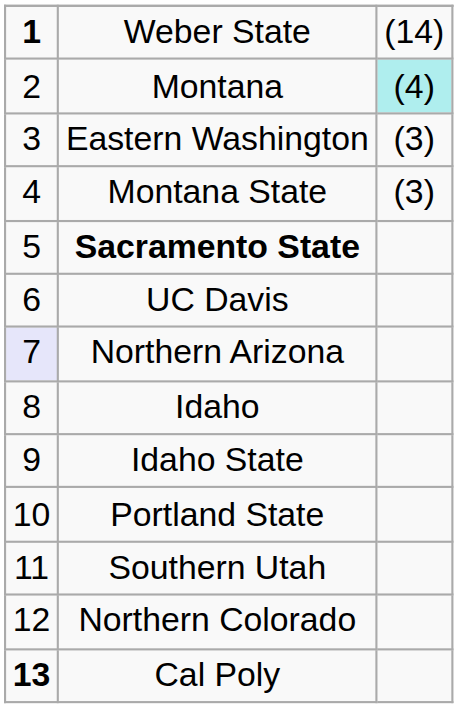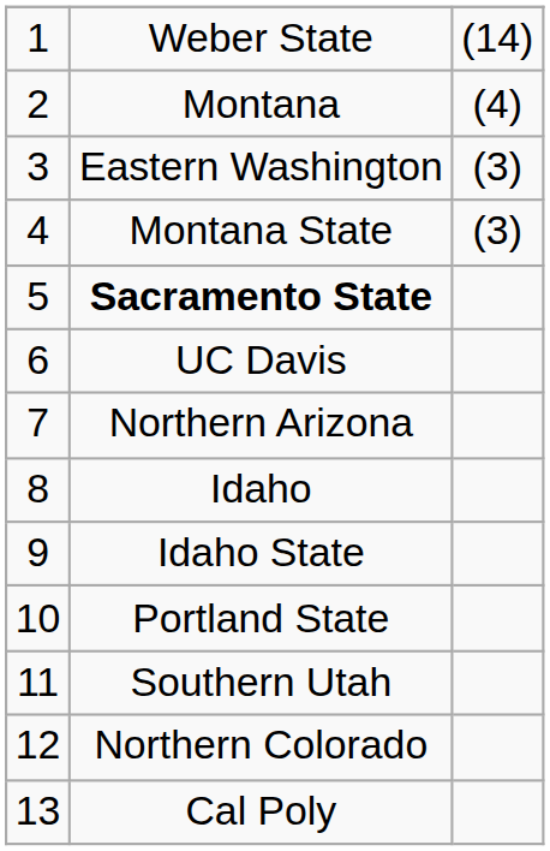 <table class="wikitable" style="display: inline-table;">
 <tr align="center">
 </tr>
 <tr align="center">
-<td><strong>1</strong></td>
+<td>1</td>
 <td>Weber State</td>
 <td>(14)</td>
 </tr>
 <tr align="center">
 <td>2</td>
 <td>Montana</td>
-<td style="background: paleturquoise;">(4)</td>
+<td>(4)</td>
 </tr>
 <tr align="center">
 <td>3</td>
 <td>Eastern Washington</td>
 <td>(3)</td>
 </tr>
 <tr align="center">
 <td>4</td>
 <td>Montana State</td>
 <td>(3)</td>
 </tr>
 <tr align="center">
 <td>5</td>
 <td><strong>Sacramento State</strong></td>
 <td></td>
 </tr>
 <tr align="center">
 <td>6</td>
 <td>UC Davis</td>
 <td></td>
 </tr>
 <tr align="center">
-<td style="background: lavender;">7</td>
+<td>7</td>
 <td>Northern Arizona</td>
 <td></td>
 </tr>
 <tr align="center">
 <td>8</td>
 <td>Idaho</td>
 <td></td>
 </tr>
 <tr align="center">
 <td>9</td>
 <td>Idaho State</td>
 <td></td>
 </tr>
 <tr align="center">
 <td>10</td>
 <td>Portland State</td>
 <td></td>
 </tr>
 <tr align="center">
 <td>11</td>
 <td>Southern Utah</td>
 <td></td>
 </tr>
 <tr align="center">
 <td>12</td>
 <td>Northern Colorado</td>
 <td></td>
 </tr>
 <tr align="center">
-<td><strong>13</strong></td>
+<td>13</td>
 <td>Cal Poly</td>
 <td></td>
 </tr>
 </table>
